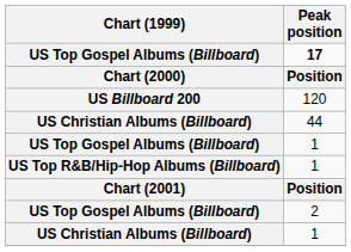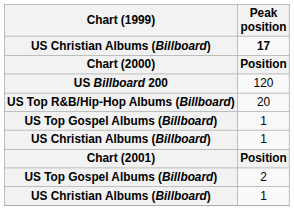 <table class="wikitable sortable plainrowheaders" style="text-align:center">
 <tr>
 <th scope="col">Chart (1999)</th>
 <th scope="col">Peak<br>position</th>
 </tr>
 <tr>
-<th scope="row">US Top Gospel Albums (<em>Billboard</em>)</th>
+<th scope="row">US Christian Albums (<em>Billboard</em>)</th>
 <td align="center"><strong>17</strong></td>
 </tr>
 <tr>
 <th scope="col">Chart (2000)</th>
 <th scope="col">Position</th>
 </tr>
 <tr>
 <th scope="row">US <em>Billboard</em> 200</th>
 <td>120</td>
 </tr>
 <tr>
-<th scope="row">US Christian Albums (<em>Billboard</em>)</th>
-<td>44</td>
+<th scope="row">US Top R&B/Hip-Hop Albums (<em>Billboard</em>)</th>
+<td>20</td>
 </tr>
 <tr>
 <th scope="row">US Top Gospel Albums (<em>Billboard</em>)</th>
 <td align="center">1</td>
 </tr>
 <tr>
-<th scope="row">US Top R&B/Hip-Hop Albums (<em>Billboard</em>)</th>
+<th scope="row">US Christian Albums (<em>Billboard</em>)</th>
 <td align="center">1</td>
 </tr>
 <tr>
 <th scope="col">Chart (2001)</th>
 <th scope="col">Position</th>
 </tr>
 <tr>
 <th scope="row">US Top Gospel Albums (<em>Billboard</em>)</th>
 <td align="center">2</td>
 </tr>
 <tr>
 <th scope="row">US Christian Albums (<em>Billboard</em>)</th>
 <td align="center">1</td>
 </tr>
 <tr>
 </tr>
 </table>
